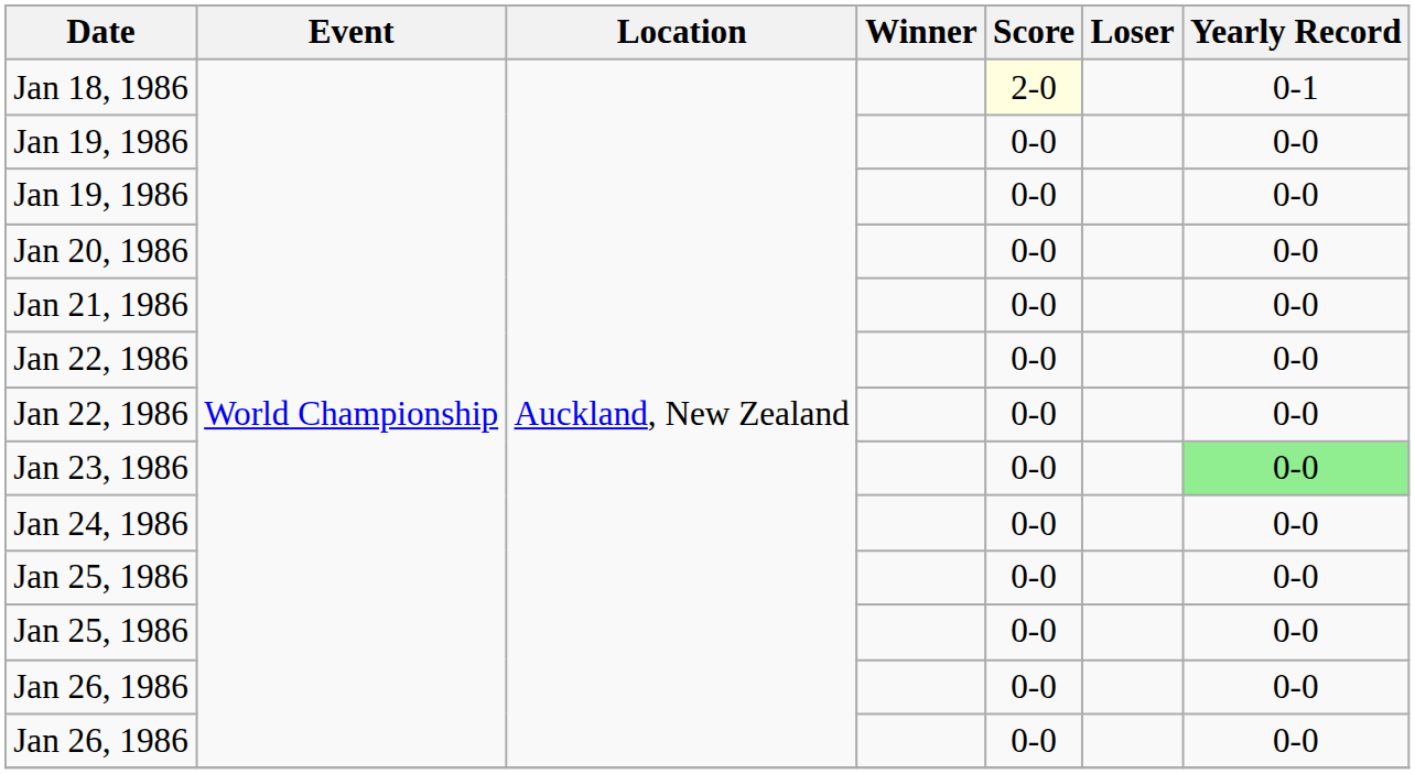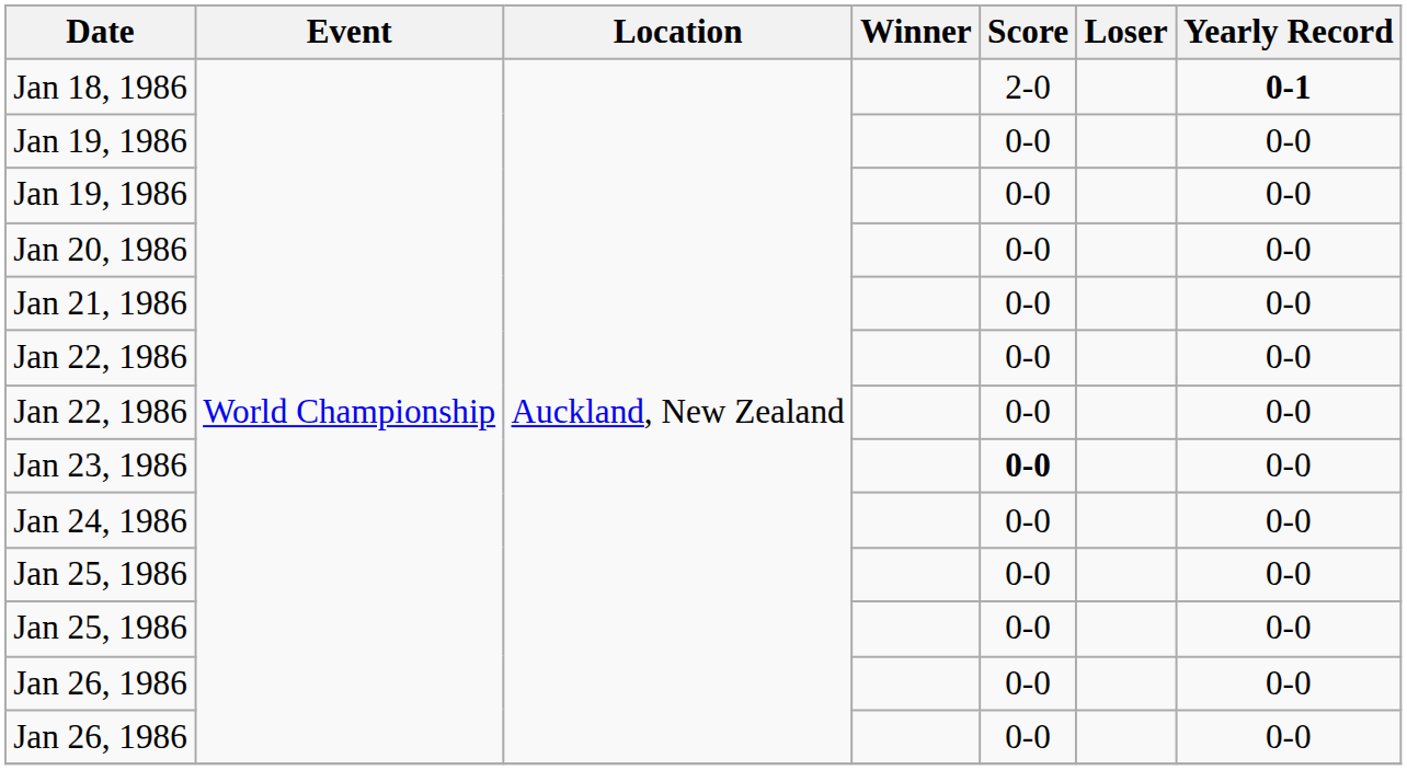 <table class="wikitable">
 <tr>
 <th>Date</th>
 <th>Event</th>
 <th>Location</th>
 <th>Winner</th>
 <th>Score</th>
 <th>Loser</th>
 <th>Yearly Record</th>
 </tr>
 <tr align=center>
 <td>Jan 18, 1986</td>
 <td rowspan=13><a href='#'>World Championship</a></td>
 <td rowspan=13><a href='#'>Auckland</a>, New Zealand</td>
 <td></td>
-<td style="background: lightyellow;">2-0</td>
+<td>2-0</td>
 <td></td>
-<td>0-1</td>
+<td><strong>0-1</strong></td>
 </tr>
 <tr align=center>
 <td>Jan 19, 1986</td>
 <td></td>
 <td>0-0</td>
 <td></td>
 <td>0-0</td>
 </tr>
 <tr align=center>
 <td>Jan 19, 1986</td>
 <td></td>
 <td>0-0</td>
 <td></td>
 <td>0-0</td>
 </tr>
 <tr align=center>
 <td>Jan 20, 1986</td>
 <td></td>
 <td>0-0</td>
 <td></td>
 <td>0-0</td>
 </tr>
 <tr align=center>
 <td>Jan 21, 1986</td>
 <td></td>
 <td>0-0</td>
 <td></td>
 <td>0-0</td>
 </tr>
 <tr align=center>
 <td>Jan 22, 1986</td>
 <td></td>
 <td>0-0</td>
 <td></td>
 <td>0-0</td>
 </tr>
 <tr align=center>
 <td>Jan 22, 1986</td>
 <td></td>
 <td>0-0</td>
 <td></td>
 <td>0-0</td>
 </tr>
 <tr align=center>
 <td>Jan 23, 1986</td>
 <td></td>
+<td><strong>0-0</strong></td>
+<td></td>
 <td>0-0</td>
-<td></td>
-<td style="background: lightgreen;">0-0</td>
 </tr>
 <tr align=center>
 <td>Jan 24, 1986</td>
 <td></td>
 <td>0-0</td>
 <td></td>
 <td>0-0</td>
 </tr>
 <tr align=center>
 <td>Jan 25, 1986</td>
 <td></td>
 <td>0-0</td>
 <td></td>
 <td>0-0</td>
 </tr>
 <tr align=center>
 <td>Jan 25, 1986</td>
 <td></td>
 <td>0-0</td>
 <td></td>
 <td>0-0</td>
 </tr>
 <tr align=center>
 <td>Jan 26, 1986</td>
 <td></td>
 <td>0-0</td>
 <td></td>
 <td>0-0</td>
 </tr>
 <tr align=center>
 <td>Jan 26, 1986</td>
 <td></td>
 <td>0-0</td>
 <td></td>
 <td>0-0</td>
 </tr>
 <tr align=center>
 </tr>
 </table>
